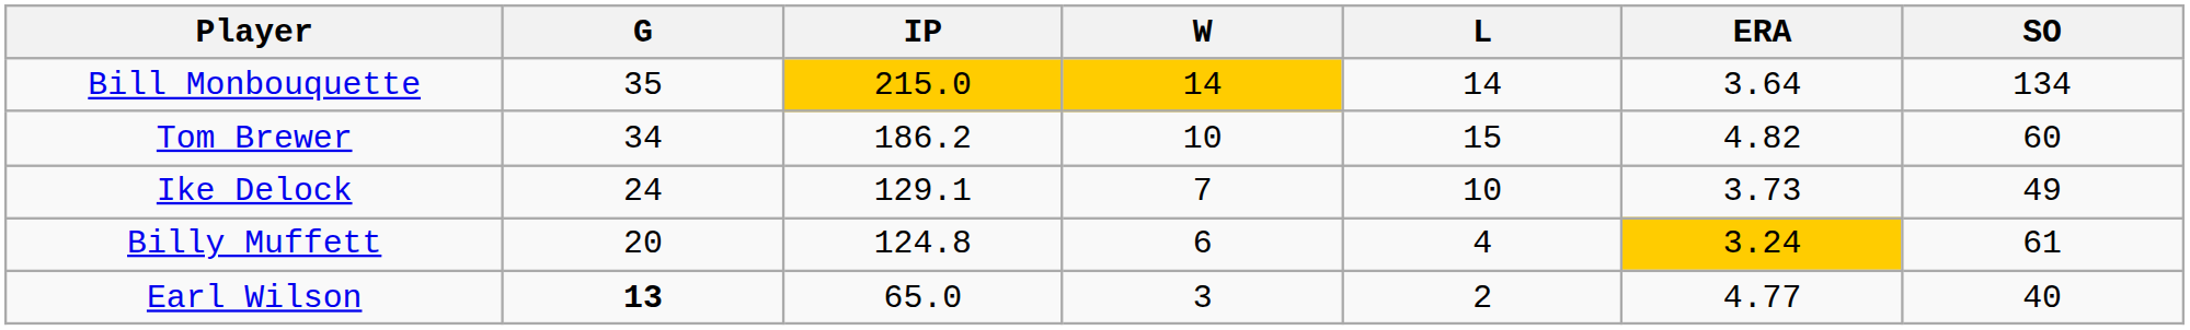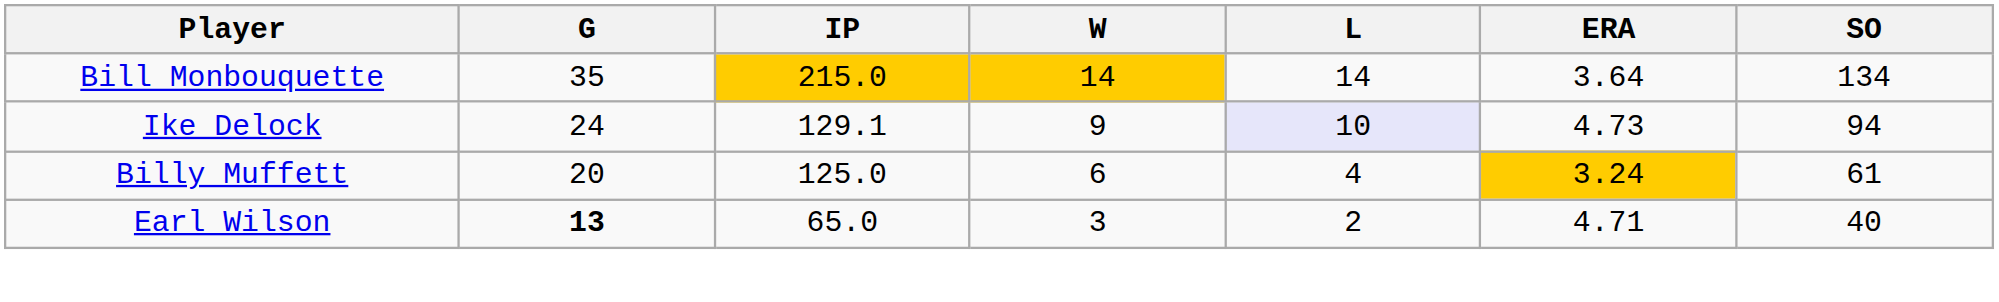 <table class="wikitable sortable">
 <tr>
 <th bgcolor="#DDDDFF" width="16%">Player</th>
 <th bgcolor="#DDDDFF" width="9%">G</th>
 <th bgcolor="#DDDDFF" width="9%">IP</th>
 <th bgcolor="#DDDDFF" width="9%">W</th>
 <th bgcolor="#DDDDFF" width="9%">L</th>
 <th bgcolor="#DDDDFF" width="9%">ERA</th>
 <th bgcolor="#DDDDFF" width="9%">SO</th>
 </tr>
 <tr align="center">
 <td><a href='#'>Bill Monbouquette</a></td>
 <td>35</td>
 <td style="background:#fc0;">215.0</td>
 <td style="background:#fc0;">14</td>
 <td>14</td>
 <td>3.64</td>
 <td>134</td>
 </tr>
 <tr align=center>
-<td><a href='#'>Tom Brewer</a></td>
-<td>34</td>
-<td>186.2</td>
-<td>10</td>
-<td>15</td>
-<td>4.82</td>
-<td>60</td>
-</tr>
-<tr align=center>
 <td><a href='#'>Ike Delock</a></td>
 <td>24</td>
 <td>129.1</td>
-<td>7</td>
-<td>10</td>
-<td>3.73</td>
-<td>49</td>
+<td>9</td>
+<td style="background: lavender;">10</td>
+<td>4.73</td>
+<td>94</td>
 </tr>
 <tr align=center>
 <td><a href='#'>Billy Muffett</a></td>
 <td>20</td>
-<td>124.8</td>
+<td>125.0</td>
 <td>6</td>
 <td>4</td>
 <td style="background:#fc0;">3.24</td>
 <td>61</td>
 </tr>
 <tr align=center>
 <td><a href='#'>Earl Wilson</a></td>
 <td><strong>13</strong></td>
 <td>65.0</td>
 <td>3</td>
 <td>2</td>
-<td>4.77</td>
+<td>4.71</td>
 <td>40</td>
 </tr>
 </table>
